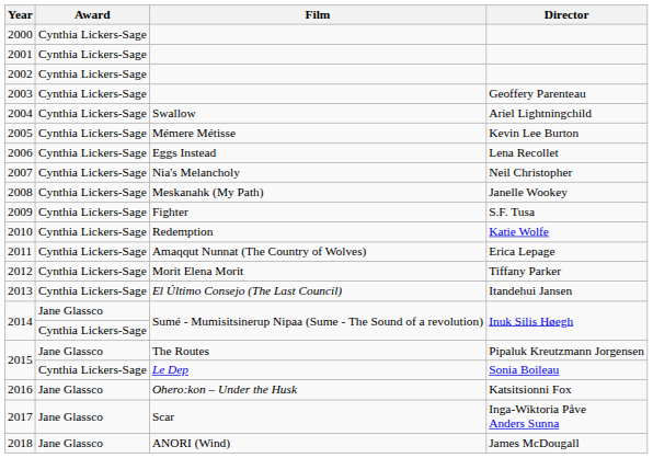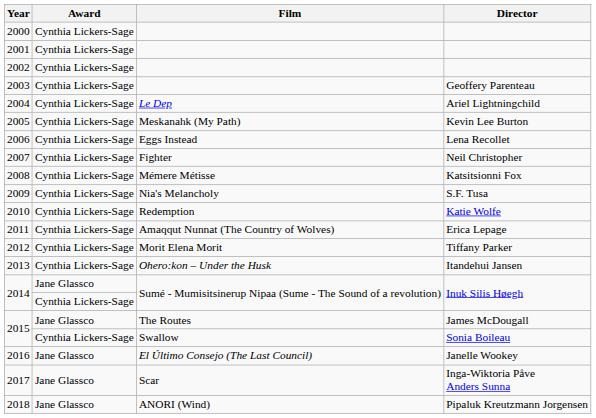 <table class="wikitable">
 <tr>
 <th>Year</th>
 <th>Award</th>
 <th>Film</th>
 <th>Director</th>
 </tr>
 <tr>
 <td>2000</td>
 <td>Cynthia Lickers-Sage</td>
 <td></td>
 <td></td>
 </tr>
 <tr>
 <td>2001</td>
 <td>Cynthia Lickers-Sage</td>
 <td></td>
 <td></td>
 </tr>
 <tr>
 <td>2002</td>
 <td>Cynthia Lickers-Sage</td>
 <td></td>
 <td></td>
 </tr>
 <tr>
 <td>2003</td>
 <td>Cynthia Lickers-Sage</td>
 <td></td>
 <td>Geoffery Parenteau</td>
 </tr>
 <tr>
 <td>2004</td>
 <td>Cynthia Lickers-Sage</td>
-<td>Swallow</td>
+<td><em><a href='#'>Le Dep</a></em></td>
 <td>Ariel Lightningchild</td>
 </tr>
 <tr>
 <td>2005</td>
 <td>Cynthia Lickers-Sage</td>
-<td>Mémere Métisse</td>
+<td>Meskanahk (My Path)</td>
 <td>Kevin Lee Burton</td>
 </tr>
 <tr>
 <td>2006</td>
 <td>Cynthia Lickers-Sage</td>
 <td>Eggs Instead</td>
 <td>Lena Recollet</td>
 </tr>
 <tr>
 <td>2007</td>
 <td>Cynthia Lickers-Sage</td>
-<td>Nia's Melancholy</td>
+<td>Fighter</td>
 <td>Neil Christopher</td>
 </tr>
 <tr>
 <td>2008</td>
 <td>Cynthia Lickers-Sage</td>
-<td>Meskanahk (My Path)</td>
-<td>Janelle Wookey</td>
+<td>Mémere Métisse</td>
+<td>Katsitsionni Fox</td>
 </tr>
 <tr>
 <td>2009</td>
 <td>Cynthia Lickers-Sage</td>
-<td>Fighter</td>
+<td>Nia's Melancholy</td>
 <td>S.F. Tusa</td>
 </tr>
 <tr>
 <td>2010</td>
 <td>Cynthia Lickers-Sage</td>
 <td>Redemption</td>
 <td><a href='#'>Katie Wolfe</a></td>
 </tr>
 <tr>
 <td>2011</td>
 <td>Cynthia Lickers-Sage</td>
 <td>Amaqqut Nunnat (The Country of Wolves)</td>
 <td>Erica Lepage</td>
 </tr>
 <tr>
 <td>2012</td>
 <td>Cynthia Lickers-Sage</td>
 <td>Morit Elena Morit</td>
 <td>Tiffany Parker</td>
 </tr>
 <tr>
 <td>2013</td>
 <td>Cynthia Lickers-Sage</td>
-<td><em>El Último Consejo (The Last Council)</em></td>
+<td><em>Ohero:kon – Under the Husk</em></td>
 <td>Itandehui Jansen</td>
 </tr>
 <tr>
 <td rowspan="2">2014</td>
 <td>Jane Glassco</td>
 <td rowspan="2">Sumé - Mumisitsinerup Nipaa (Sume - The Sound of a revolution)</td>
 <td rowspan="2"><a href='#'>Inuk Silis Høegh</a></td>
 </tr>
 <tr>
 <td>Cynthia Lickers-Sage</td>
 </tr>
 <tr>
 <td rowspan="2">2015</td>
 <td>Jane Glassco</td>
 <td>The Routes</td>
-<td>Pipaluk Kreutzmann Jorgensen</td>
+<td>James McDougall</td>
 </tr>
 <tr>
 <td>Cynthia Lickers-Sage</td>
-<td><em><a href='#'>Le Dep</a></em></td>
+<td>Swallow</td>
 <td><a href='#'>Sonia Boileau</a></td>
 </tr>
 <tr>
 <td>2016</td>
 <td>Jane Glassco</td>
-<td><em>Ohero:kon – Under the Husk</em></td>
-<td>Katsitsionni Fox</td>
+<td><em>El Último Consejo (The Last Council)</em></td>
+<td>Janelle Wookey</td>
 </tr>
 <tr>
 <td>2017</td>
 <td>Jane Glassco</td>
 <td>Scar</td>
 <td>Inga-Wiktoria Påve<br><a href='#'>Anders Sunna</a></td>
 </tr>
 <tr>
 <td>2018</td>
 <td>Jane Glassco</td>
 <td>ANORI (Wind)</td>
-<td>James McDougall</td>
+<td>Pipaluk Kreutzmann Jorgensen</td>
 </tr>
 </table>
